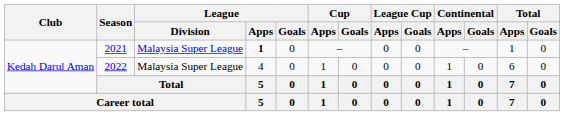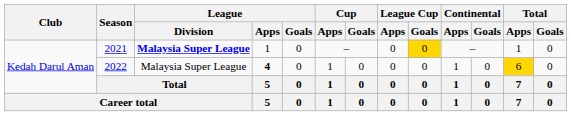 <table class=wikitable style="text-align:center">
 <tr>
 <th rowspan=2>Club</th>
 <th rowspan=2>Season</th>
 <th colspan=3>League</th>
 <th colspan=2>Cup</th>
 <th colspan=2>League Cup</th>
 <th colspan=2>Continental</th>
 <th colspan=2>Total</th>
 </tr>
 <tr>
 <th>Division</th>
 <th>Apps</th>
 <th>Goals</th>
 <th>Apps</th>
 <th>Goals</th>
 <th>Apps</th>
 <th>Goals</th>
 <th>Apps</th>
 <th>Goals</th>
 <th>Apps</th>
 <th>Goals</th>
 </tr>
 <tr>
 <td rowspan="3"><a href='#'>Kedah Darul Aman</a></td>
 <td><a href='#'>2021</a></td>
-<td><a href='#'>Malaysia Super League</a></td>
-<td><strong>1</strong></td>
+<td><strong><a href='#'>Malaysia Super League</a></strong></td>
+<td>1</td>
 <td>0</td>
 <td colspan="2">–</td>
 <td>0</td>
-<td>0</td>
+<td style="background: gold;">0</td>
 <td colspan="2">–</td>
 <td>1</td>
 <td>0</td>
 </tr>
 <tr>
 <td><a href='#'>2022</a></td>
 <td>Malaysia Super League</td>
-<td>4</td>
+<td><strong>4</strong></td>
 <td>0</td>
 <td>1</td>
 <td>0</td>
 <td>0</td>
 <td>0</td>
 <td>1</td>
 <td>0</td>
-<td>6</td>
+<td style="background: gold;">6</td>
 <td>0</td>
 </tr>
 <tr>
 <th colspan=2>Total</th>
 <th>5</th>
 <th>0</th>
 <th>1</th>
 <th>0</th>
 <th>0</th>
 <th>0</th>
 <th>1</th>
 <th>0</th>
 <th>7</th>
 <th>0</th>
 </tr>
 <tr>
 <th colspan=3>Career total</th>
 <th>5</th>
 <th>0</th>
 <th>1</th>
 <th>0</th>
 <th>0</th>
 <th>0</th>
 <th>1</th>
 <th>0</th>
 <th>7</th>
 <th>0</th>
 </tr>
 </table>
